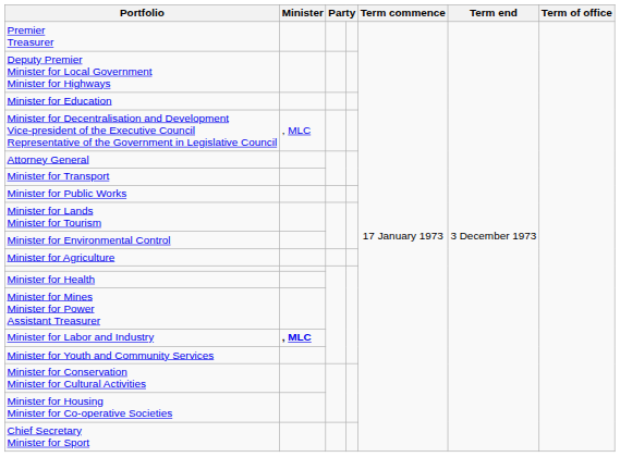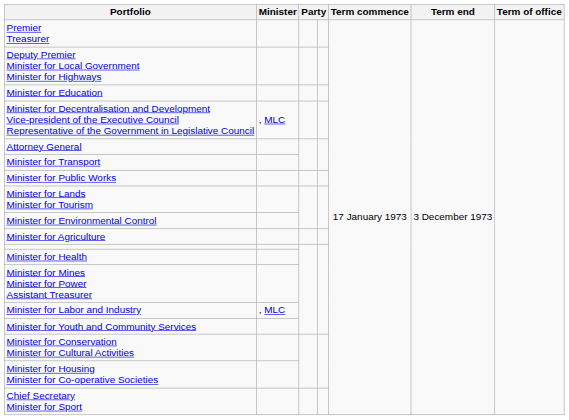 <table class="wikitable sortable">
 <tr>
 <th>Portfolio</th>
 <th>Minister</th>
 <th colspan="2">Party</th>
 <th>Term commence</th>
 <th>Term end</th>
 <th>Term of office</th>
 </tr>
 <tr>
 <td><a href='#'>Premier</a><br><a href='#'>Treasurer</a></td>
 <td></td>
 <td> </td>
 <td></td>
 <td rowspan=18 align=center>17 January 1973</td>
 <td rowspan=18 align=center>3 December 1973</td>
 <td rowspan=18 align=right></td>
 </tr>
 <tr>
 <td><a href='#'>Deputy Premier</a><br><a href='#'>Minister for Local Government</a><br><a href='#'>Minister for Highways</a></td>
 <td></td>
 <td> </td>
 <td></td>
 </tr>
 <tr>
 <td><a href='#'>Minister for Education</a></td>
 <td></td>
 <td> </td>
 <td></td>
 </tr>
 <tr>
 <td><a href='#'>Minister for Decentralisation and Development</a><br><a href='#'>Vice-president of the Executive Council</a><br><a href='#'>Representative of the Government in Legislative Council</a></td>
 <td>, <a href='#'>MLC</a></td>
 <td> </td>
 <td></td>
 </tr>
 <tr>
 <td><a href='#'>Attorney General</a></td>
 <td> </td>
 <td rowspan=2 > </td>
 <td rowspan=2></td>
 </tr>
 <tr>
 <td><a href='#'>Minister for Transport</a></td>
 <td></td>
 </tr>
 <tr>
 <td><a href='#'>Minister for Public Works</a></td>
 <td></td>
 <td> </td>
 <td></td>
 </tr>
 <tr>
 <td><a href='#'>Minister for Lands</a><br><a href='#'>Minister for Tourism</a></td>
 <td></td>
 <td rowspan=2 > </td>
 <td rowspan=2></td>
 </tr>
 <tr>
 <td><a href='#'>Minister for Environmental Control</a></td>
 <td></td>
 </tr>
 <tr>
 <td><a href='#'>Minister for Agriculture</a></td>
 <td></td>
 <td> </td>
 <td></td>
 </tr>
 <tr>
 <td></td>
 <td></td>
 <td rowspan=5 > </td>
 <td rowspan=5></td>
 </tr>
 <tr>
 <td><a href='#'>Minister for Health</a></td>
 <td></td>
 </tr>
 <tr>
 <td><a href='#'>Minister for Mines</a><br><a href='#'>Minister for Power</a><br><a href='#'>Assistant Treasurer</a></td>
 <td></td>
 </tr>
 <tr>
 <td><a href='#'>Minister for Labor and Industry</a></td>
-<td><strong>, <a href='#'>MLC</a></strong></td>
+<td>, <a href='#'>MLC</a></td>
 </tr>
 <tr>
 <td><a href='#'>Minister for Youth and Community Services</a></td>
 <td></td>
 </tr>
 <tr>
 <td><a href='#'>Minister for Conservation</a><br><a href='#'>Minister for Cultural Activities</a></td>
 <td></td>
 <td rowspan=2 > </td>
 <td rowspan=2></td>
 </tr>
 <tr>
 <td><a href='#'>Minister for Housing</a><br><a href='#'>Minister for Co-operative Societies</a></td>
 <td></td>
 </tr>
 <tr>
 <td><a href='#'>Chief Secretary</a><br><a href='#'>Minister for Sport</a></td>
 <td></td>
 <td> </td>
 <td></td>
 </tr>
 </table>
